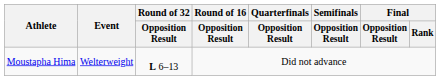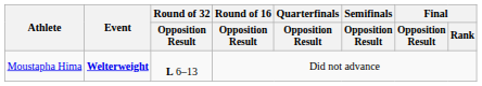 <table class="wikitable" style="font-size:90%">
 <tr>
 <th rowspan="2">Athlete</th>
 <th rowspan="2">Event</th>
 <th>Round of 32</th>
 <th>Round of 16</th>
 <th>Quarterfinals</th>
 <th>Semifinals</th>
 <th colspan=2>Final</th>
 </tr>
 <tr style="font-size:95%">
 <th>Opposition<br>Result</th>
 <th>Opposition<br>Result</th>
 <th>Opposition<br>Result</th>
 <th>Opposition<br>Result</th>
 <th>Opposition<br>Result</th>
 <th>Rank</th>
 </tr>
 <tr align=center>
 <td align=left><a href='#'>Moustapha Hima</a></td>
-<td align=left><a href='#'>Welterweight</a></td>
+<td align=left><strong><a href='#'>Welterweight</a></strong></td>
 <td><br><strong>L</strong> 6–13</td>
 <td colspan=5>Did not advance</td>
 </tr>
 </table>
